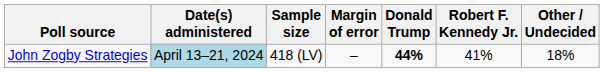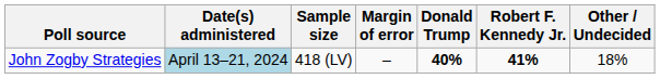 <table class="wikitable sortable mw-datatable" style="font-size:90%;text-align:center;line-height:17px">
 <tr valign=bottom>
 <th>Poll source</th>
 <th>Date(s)<br>administered</th>
 <th>Sample<br>size</th>
 <th>Margin<br>of error</th>
 <th class="unsortable">Donald<br>Trump<br></th>
 <th class="unsortable">Robert F.<br>Kennedy Jr.<br></th>
 <th class="unsortable">Other /<br>Undecided</th>
 </tr>
 <tr>
 <td style="text-align:left;"><a href='#'>John Zogby Strategies</a></td>
 <td data-sort-value="2024-05-01" style="background: lightblue;">April 13–21, 2024</td>
 <td>418 (LV)</td>
 <td>–</td>
-<td style="background-color:"><strong>44%</strong></td>
-<td>41%</td>
+<td style="background-color:"><strong>40%</strong></td>
+<td><strong>41%</strong></td>
 <td>18%</td>
 </tr>
 </table>
